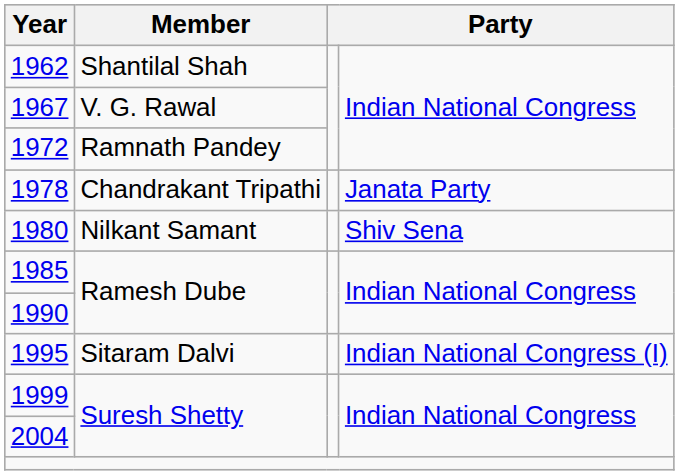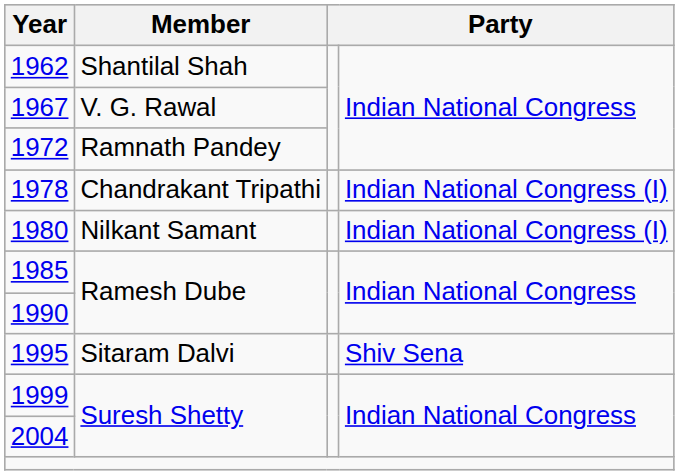 <table class=wikitable>
 <tr>
 <th>Year</th>
 <th>Member</th>
 <th colspan="2">Party</th>
 </tr>
 <tr>
 <td><a href='#'>1962</a></td>
 <td>Shantilal Shah</td>
 <td rowspan="3" style="background-color:"></td>
 <td rowspan="3"><a href='#'>Indian National Congress</a></td>
 </tr>
 <tr>
 <td><a href='#'>1967</a></td>
 <td>V. G. Rawal</td>
 </tr>
 <tr>
 <td><a href='#'>1972</a></td>
 <td>Ramnath Pandey</td>
 </tr>
 <tr>
 <td><a href='#'>1978</a></td>
 <td>Chandrakant Tripathi</td>
 <td style="background-color:"></td>
-<td><a href='#'>Janata Party</a></td>
+<td><a href='#'>Indian National Congress (I)</a></td>
 </tr>
 <tr>
 <td><a href='#'>1980</a></td>
 <td>Nilkant Samant</td>
 <td style="background-color:"></td>
-<td><a href='#'>Shiv Sena</a></td>
+<td><a href='#'>Indian National Congress (I)</a></td>
 </tr>
 <tr>
 <td><a href='#'>1985</a></td>
 <td rowspan="2">Ramesh Dube</td>
 <td rowspan="2" style="background-color:"></td>
 <td rowspan="2"><a href='#'>Indian National Congress</a></td>
 </tr>
 <tr>
 <td><a href='#'>1990</a></td>
 </tr>
 <tr>
 <td><a href='#'>1995</a></td>
 <td>Sitaram Dalvi</td>
 <td style="background-color:"></td>
-<td><a href='#'>Indian National Congress (I)</a></td>
+<td><a href='#'>Shiv Sena</a></td>
 </tr>
 <tr>
 <td><a href='#'>1999</a></td>
 <td rowspan="2"><a href='#'>Suresh Shetty</a></td>
 <td rowspan="2" style="background-color:"></td>
 <td rowspan="2"><a href='#'>Indian National Congress</a></td>
 </tr>
 <tr>
 <td><a href='#'>2004</a></td>
 </tr>
 <tr>
 <td colspan="4"></td>
 </tr>
 </table>
